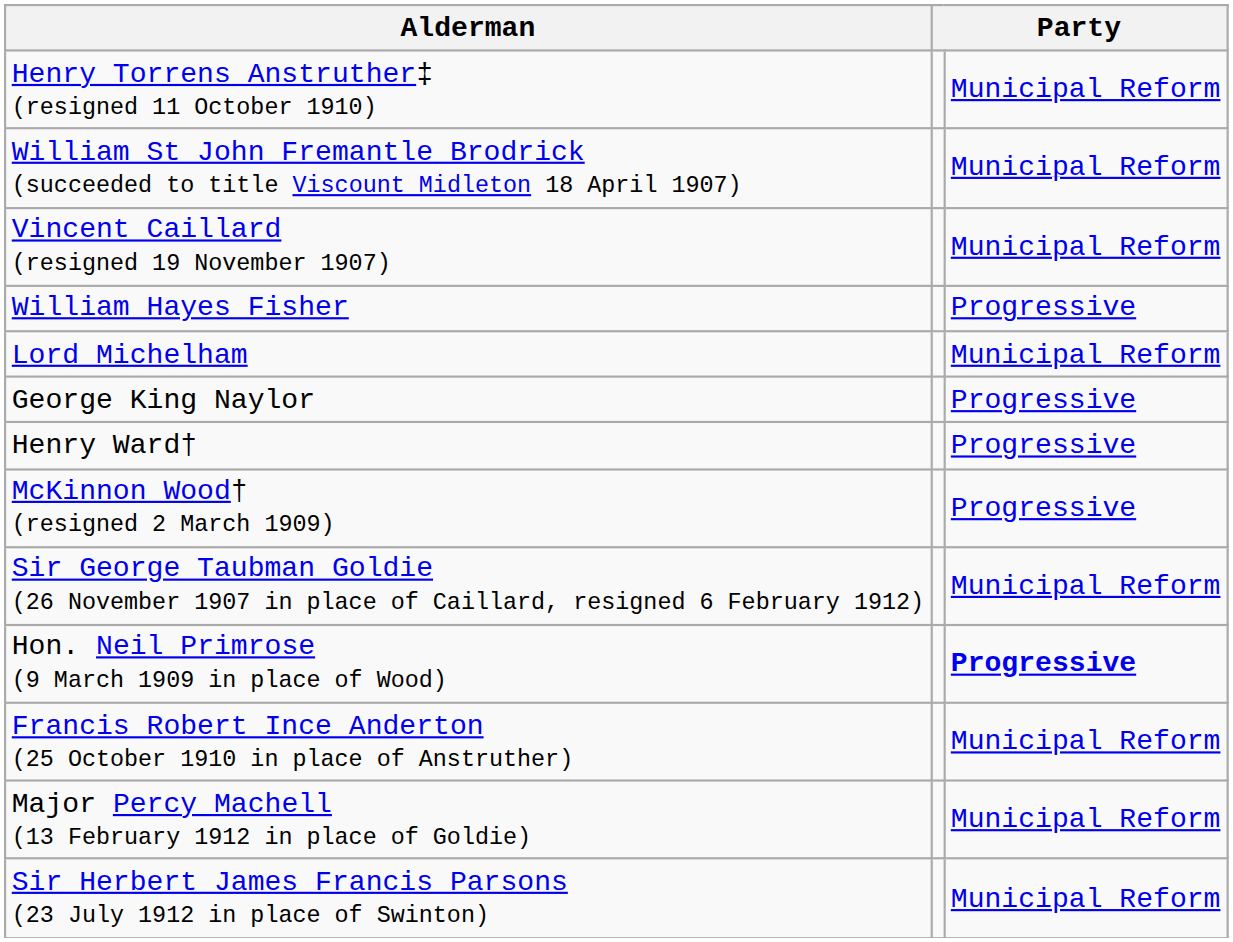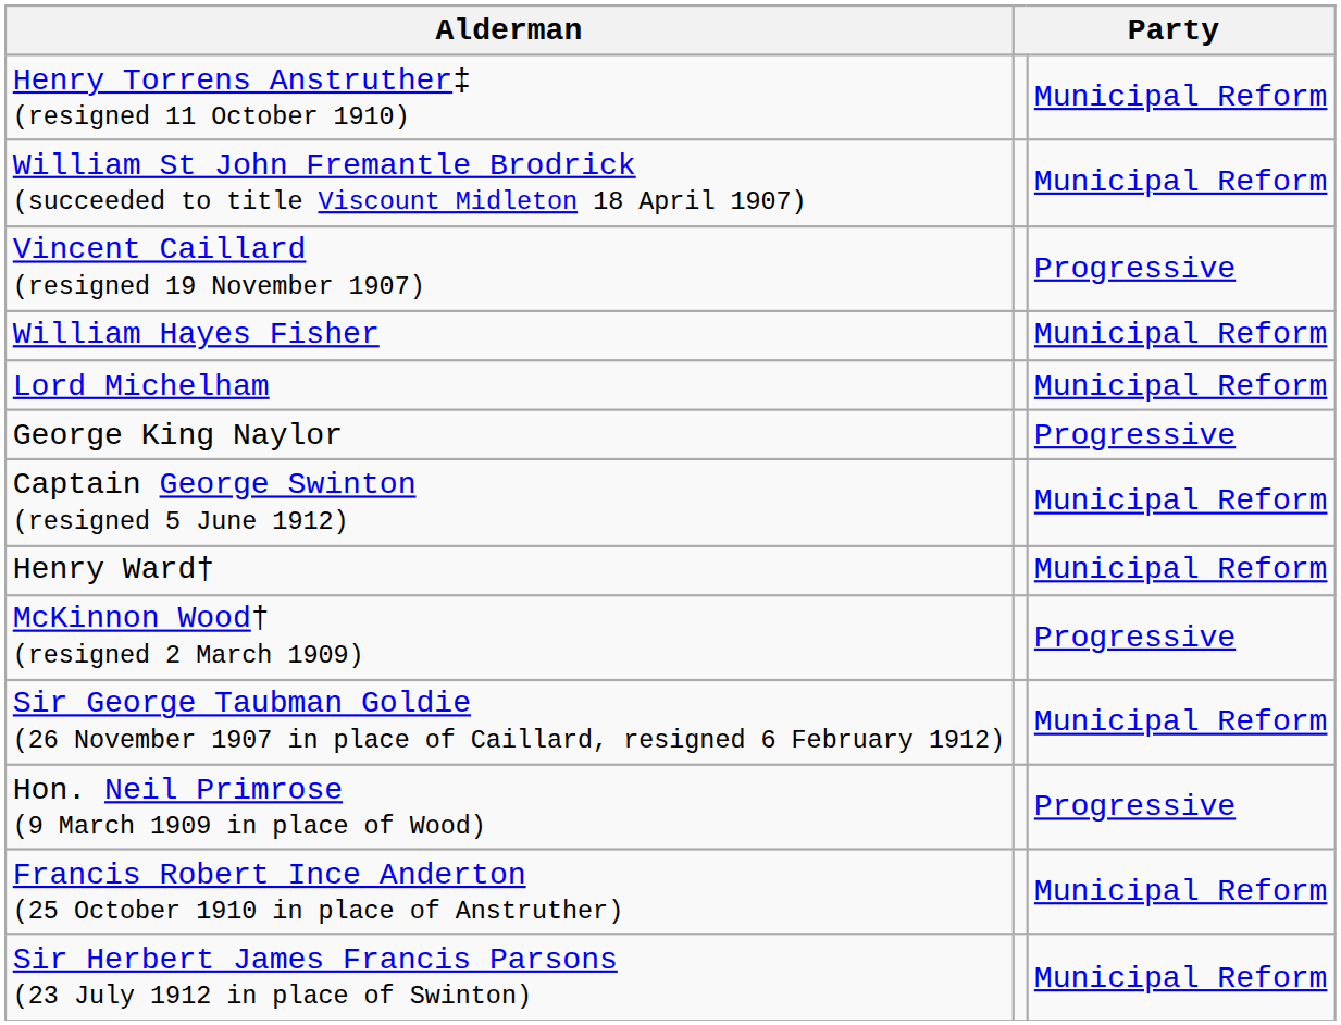 <table class="wikitable">
 <tr>
 <th>Alderman</th>
 <th colspan=2!>Party</th>
 </tr>
 <tr>
 <td><a href='#'>Henry Torrens Anstruther</a>‡<small><br>(resigned 11 October 1910)</small></td>
 <td style="background-color: "></td>
 <td><a href='#'>Municipal Reform</a></td>
 </tr>
 <tr>
 <td><a href='#'>William St John Fremantle Brodrick</a><small><br>(succeeded to title <a href='#'>Viscount Midleton</a> 18 April 1907)</small></td>
 <td style="background-color: "></td>
 <td><a href='#'>Municipal Reform</a></td>
 </tr>
 <tr>
 <td><a href='#'>Vincent Caillard</a><small><br>(resigned 19 November 1907)</small></td>
 <td style="background-color: "></td>
-<td><a href='#'>Municipal Reform</a></td>
+<td><a href='#'>Progressive</a></td>
 </tr>
 <tr>
 <td><a href='#'>William Hayes Fisher</a></td>
 <td style="background-color: "></td>
-<td><a href='#'>Progressive</a></td>
+<td><a href='#'>Municipal Reform</a></td>
 </tr>
 <tr>
 <td><a href='#'>Lord Michelham</a></td>
 <td style="background-color: "></td>
 <td><a href='#'>Municipal Reform</a></td>
 </tr>
 <tr>
 <td>George King Naylor</td>
 <td style="background-color: "></td>
 <td><a href='#'>Progressive</a></td>
 </tr>
 <tr>
+<td>Captain <a href='#'>George Swinton</a><small><br>(resigned 5 June 1912)</small></td>
+<td style="background-color: "></td>
+<td><a href='#'>Municipal Reform</a></td>
+</tr>
+<tr>
 <td>Henry Ward†</td>
 <td style="background-color: "></td>
-<td><a href='#'>Progressive</a></td>
+<td><a href='#'>Municipal Reform</a></td>
 </tr>
 <tr>
 <td><a href='#'>McKinnon Wood</a>†<small><br>(resigned 2 March 1909)</small></td>
 <td style="background-color: "></td>
 <td><a href='#'>Progressive</a></td>
 </tr>
 <tr>
 <td><a href='#'>Sir George Taubman Goldie</a> <small><br>(26 November 1907 in place of Caillard, resigned 6 February 1912)</small></td>
 <td style="background-color: "></td>
 <td><a href='#'>Municipal Reform</a></td>
 </tr>
 <tr>
 <td>Hon. <a href='#'>Neil Primrose</a><small><br>(9 March 1909 in place of Wood)</small></td>
 <td style="background-color: "></td>
-<td><strong><a href='#'>Progressive</a></strong></td>
+<td><a href='#'>Progressive</a></td>
 </tr>
 <tr>
 <td><a href='#'>Francis Robert Ince Anderton</a><small><br>(25 October 1910 in place of Anstruther)</small></td>
-<td style="background-color: "></td>
-<td><a href='#'>Municipal Reform</a></td>
-</tr>
-<tr>
-<td>Major <a href='#'>Percy Machell</a><small><br>(13 February 1912 in place of Goldie)</small></td>
 <td style="background-color: "></td>
 <td><a href='#'>Municipal Reform</a></td>
 </tr>
 <tr>
 <td><a href='#'>Sir Herbert James Francis Parsons</a><small><br>(23 July 1912 in place of Swinton)</small></td>
 <td style="background-color: "></td>
 <td><a href='#'>Municipal Reform</a></td>
 </tr>
 </table>
